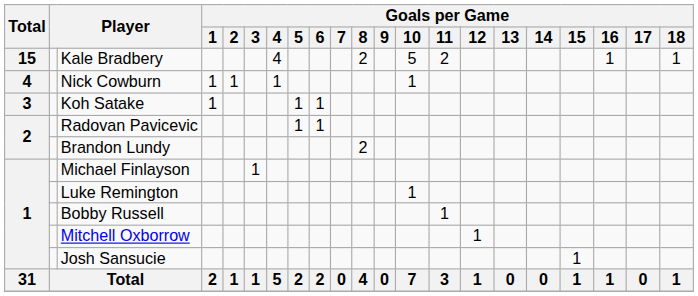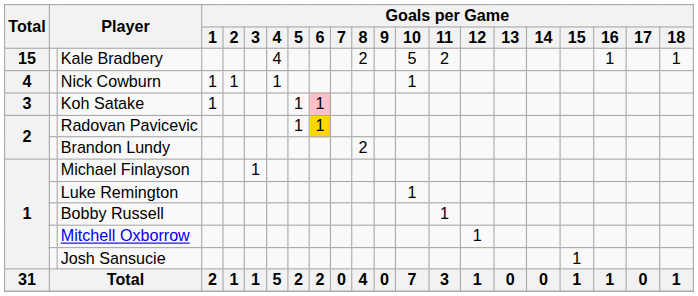 <table class="wikitable" style="text-align:center; line-height: 90%; font-size:90%;">
 <tr>
 <th rowspan=2>Total</th>
 <th rowspan=2 colspan=2>Player</th>
 <th colspan=18 style="width:432px;">Goals per Game</th>
 </tr>
 <tr>
 <th>1</th>
 <th>2</th>
 <th>3</th>
 <th>4</th>
 <th>5</th>
 <th>6</th>
 <th>7</th>
 <th>8</th>
 <th>9</th>
 <th>10</th>
 <th>11</th>
 <th>12</th>
 <th>13</th>
 <th>14</th>
 <th>15</th>
 <th>16</th>
 <th>17</th>
 <th>18</th>
 </tr>
 <tr>
 <th rowspan=1>15</th>
 <td></td>
 <td style="text-align:left;">Kale Bradbery</td>
 <td></td>
 <td></td>
 <td></td>
 <td>4</td>
 <td></td>
 <td></td>
 <td></td>
 <td>2</td>
 <td></td>
 <td>5</td>
 <td>2</td>
 <td></td>
 <td></td>
 <td></td>
 <td></td>
 <td>1</td>
 <td></td>
 <td>1</td>
 </tr>
 <tr>
 <th rowspan=1>4</th>
 <td></td>
 <td style="text-align:left;">Nick Cowburn</td>
 <td>1</td>
 <td>1</td>
 <td></td>
 <td>1</td>
 <td></td>
 <td></td>
 <td></td>
 <td></td>
 <td></td>
 <td>1</td>
 <td></td>
 <td></td>
 <td></td>
 <td></td>
 <td></td>
 <td></td>
 <td></td>
 <td></td>
 </tr>
 <tr>
 <th rowspan=1>3</th>
 <td></td>
 <td style="text-align:left;">Koh Satake</td>
 <td>1</td>
 <td></td>
 <td></td>
 <td></td>
 <td>1</td>
-<td>1</td>
+<td style="background: pink;">1</td>
 <td></td>
 <td></td>
 <td></td>
 <td></td>
 <td></td>
 <td></td>
 <td></td>
 <td></td>
 <td></td>
 <td></td>
 <td></td>
 <td></td>
 </tr>
 <tr>
 <th rowspan=2>2</th>
 <td></td>
 <td style="text-align:left;">Radovan Pavicevic</td>
 <td></td>
 <td></td>
 <td></td>
 <td></td>
 <td>1</td>
-<td>1</td>
+<td style="background: gold;">1</td>
 <td></td>
 <td></td>
 <td></td>
 <td></td>
 <td></td>
 <td></td>
 <td></td>
 <td></td>
 <td></td>
 <td></td>
 <td></td>
 <td></td>
 </tr>
 <tr>
 <td></td>
 <td style="text-align:left;">Brandon Lundy</td>
 <td></td>
 <td></td>
 <td></td>
 <td></td>
 <td></td>
 <td></td>
 <td></td>
 <td>2</td>
 <td></td>
 <td></td>
 <td></td>
 <td></td>
 <td></td>
 <td></td>
 <td></td>
 <td></td>
 <td></td>
 <td></td>
 </tr>
 <tr>
 <th rowspan=5>1</th>
 <td></td>
 <td style="text-align:left;">Michael Finlayson</td>
 <td></td>
 <td></td>
 <td>1</td>
 <td></td>
 <td></td>
 <td></td>
 <td></td>
 <td></td>
 <td></td>
 <td></td>
 <td></td>
 <td></td>
 <td></td>
 <td></td>
 <td></td>
 <td></td>
 <td></td>
 <td></td>
 </tr>
 <tr>
 <td></td>
 <td style="text-align:left;">Luke Remington</td>
 <td></td>
 <td></td>
 <td></td>
 <td></td>
 <td></td>
 <td></td>
 <td></td>
 <td></td>
 <td></td>
 <td>1</td>
 <td></td>
 <td></td>
 <td></td>
 <td></td>
 <td></td>
 <td></td>
 <td></td>
 <td></td>
 </tr>
 <tr>
 <td></td>
 <td style="text-align:left;">Bobby Russell</td>
 <td></td>
 <td></td>
 <td></td>
 <td></td>
 <td></td>
 <td></td>
 <td></td>
 <td></td>
 <td></td>
 <td></td>
 <td>1</td>
 <td></td>
 <td></td>
 <td></td>
 <td></td>
 <td></td>
 <td></td>
 <td></td>
 </tr>
 <tr>
 <td></td>
 <td style="text-align:left;"><a href='#'>Mitchell Oxborrow</a></td>
 <td></td>
 <td></td>
 <td></td>
 <td></td>
 <td></td>
 <td></td>
 <td></td>
 <td></td>
 <td></td>
 <td></td>
 <td></td>
 <td>1</td>
 <td></td>
 <td></td>
 <td></td>
 <td></td>
 <td></td>
 <td></td>
 </tr>
 <tr>
 <td></td>
 <td style="text-align:left;">Josh Sansucie</td>
 <td></td>
 <td></td>
 <td></td>
 <td></td>
 <td></td>
 <td></td>
 <td></td>
 <td></td>
 <td></td>
 <td></td>
 <td></td>
 <td></td>
 <td></td>
 <td></td>
 <td>1</td>
 <td></td>
 <td></td>
 <td></td>
 </tr>
 <tr>
 <th rowspan=1>31</th>
 <th colspan=2>Total</th>
 <th style="text-align:center;">2</th>
 <th>1</th>
 <th>1</th>
 <th>5</th>
 <th>2</th>
 <th>2</th>
 <th>0</th>
 <th>4</th>
 <th>0</th>
 <th>7</th>
 <th>3</th>
 <th>1</th>
 <th>0</th>
 <th>0</th>
 <th>1</th>
 <th>1</th>
 <th>0</th>
 <th>1</th>
 </tr>
 <tr>
 </tr>
 </table>
